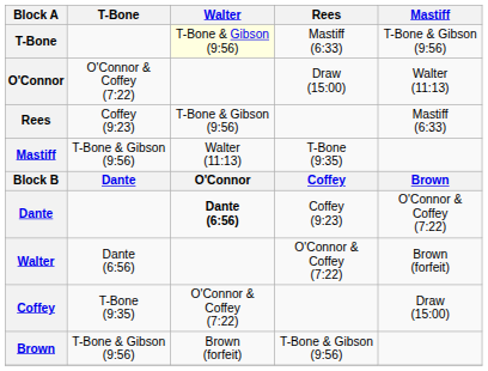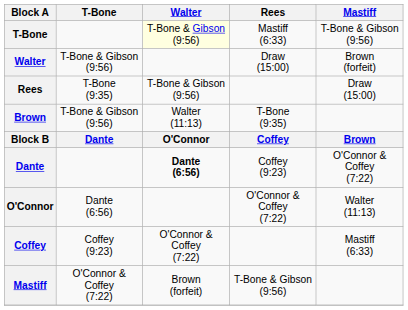 <table class="wikitable" style="margin: 1em auto 1em auto;text-align:center">
 <tr>
 <th>Block A</th>
 <th>T-Bone</th>
 <th><a href='#'>Walter</a></th>
 <th>Rees</th>
 <th><a href='#'>Mastiff</a></th>
 </tr>
 <tr>
 <th>T-Bone</th>
 <td></td>
 <td style="background: lightyellow;">T-Bone & <a href='#'>Gibson</a><br>(9:56)</td>
 <td>Mastiff<br>(6:33)</td>
 <td>T-Bone & Gibson<br>(9:56)</td>
 </tr>
 <tr>
-<th>O'Connor</th>
-<td>O'Connor & Coffey<br>(7:22)</td>
+<th><a href='#'>Walter</a></th>
+<td>T-Bone & Gibson<br>(9:56)</td>
 <td></td>
 <td>Draw<br>(15:00)</td>
-<td>Walter<br>(11:13)</td>
+<td>Brown<br>(forfeit)</td>
 </tr>
 <tr>
 <th>Rees</th>
-<td>Coffey<br>(9:23)</td>
+<td>T-Bone<br>(9:35)</td>
 <td>T-Bone & Gibson<br>(9:56)</td>
 <td></td>
-<td>Mastiff<br>(6:33)</td>
+<td>Draw<br>(15:00)</td>
 </tr>
 <tr>
-<th><a href='#'>Mastiff</a></th>
+<th><a href='#'>Brown</a></th>
 <td>T-Bone & Gibson<br>(9:56)</td>
 <td>Walter<br>(11:13)</td>
 <td>T-Bone<br>(9:35)</td>
 <td></td>
 </tr>
 <tr>
 <th>Block B</th>
 <th><a href='#'>Dante</a></th>
 <th>O'Connor</th>
 <th><a href='#'>Coffey</a></th>
 <th><a href='#'>Brown</a></th>
 </tr>
 <tr>
 <th><a href='#'>Dante</a></th>
 <td></td>
 <td><strong>Dante<br>(6:56)</strong></td>
 <td>Coffey<br>(9:23)</td>
 <td>O'Connor & Coffey<br>(7:22)</td>
 </tr>
 <tr>
-<th><a href='#'>Walter</a></th>
+<th>O'Connor</th>
 <td>Dante<br>(6:56)</td>
 <td></td>
 <td>O'Connor & Coffey<br>(7:22)</td>
-<td>Brown<br>(forfeit)</td>
+<td>Walter<br>(11:13)</td>
 </tr>
 <tr>
 <th><a href='#'>Coffey</a></th>
-<td>T-Bone<br>(9:35)</td>
+<td>Coffey<br>(9:23)</td>
 <td>O'Connor & Coffey<br>(7:22)</td>
 <td></td>
-<td>Draw<br>(15:00)</td>
+<td>Mastiff<br>(6:33)</td>
 </tr>
 <tr>
-<th><a href='#'>Brown</a></th>
-<td>T-Bone & Gibson<br>(9:56)</td>
+<th><a href='#'>Mastiff</a></th>
+<td>O'Connor & Coffey<br>(7:22)</td>
 <td>Brown<br>(forfeit)</td>
 <td>T-Bone & Gibson<br>(9:56)</td>
 <td></td>
 </tr>
 <tr>
 </tr>
 </table>
